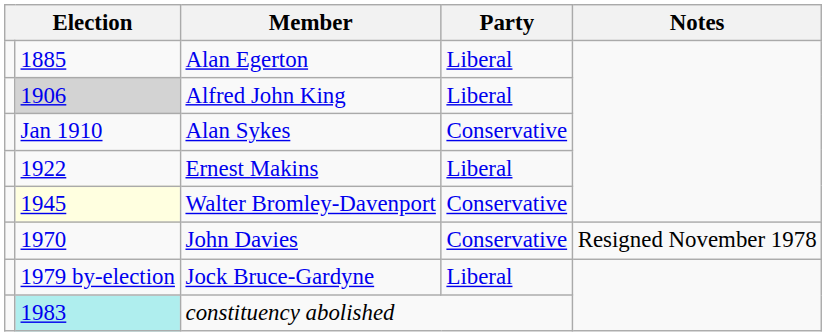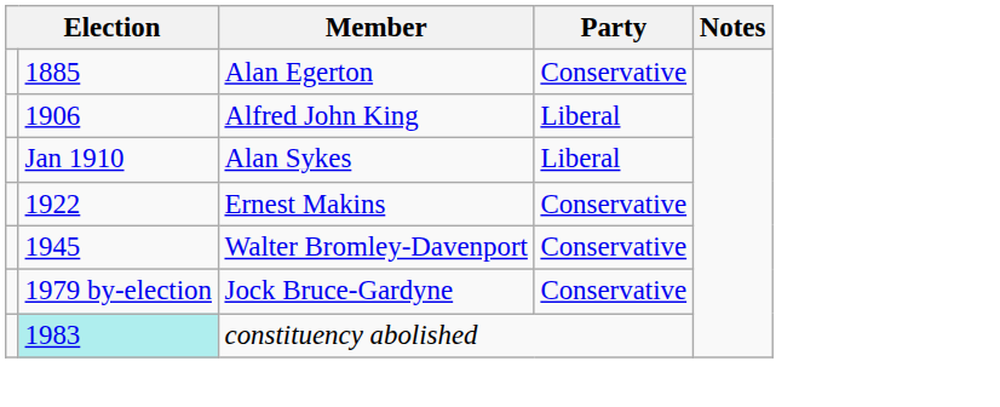 <table class="wikitable">
 <tr>
 <th colspan="2">Election</th>
 <th>Member</th>
 <th>Party</th>
 <th>Notes</th>
 </tr>
 <tr>
 <td style="color:inherit;background-color: "></td>
 <td><a href='#'>1885</a></td>
 <td><a href='#'>Alan Egerton</a></td>
-<td><a href='#'>Liberal</a></td>
+<td><a href='#'>Conservative</a></td>
 </tr>
 <tr>
 <td style="color:inherit;background-color: "></td>
-<td style="background: lightgrey;"><a href='#'>1906</a></td>
+<td><a href='#'>1906</a></td>
 <td><a href='#'>Alfred John King</a></td>
 <td><a href='#'>Liberal</a></td>
 </tr>
 <tr>
 <td style="color:inherit;background-color: "></td>
 <td><a href='#'>Jan 1910</a></td>
 <td><a href='#'>Alan Sykes</a></td>
-<td><a href='#'>Conservative</a></td>
+<td><a href='#'>Liberal</a></td>
 </tr>
 <tr>
 <td style="color:inherit;background-color: "></td>
 <td><a href='#'>1922</a></td>
 <td><a href='#'>Ernest Makins</a></td>
-<td><a href='#'>Liberal</a></td>
+<td><a href='#'>Conservative</a></td>
 </tr>
 <tr>
 <td style="color:inherit;background-color: "></td>
-<td style="background: lightyellow;"><a href='#'>1945</a></td>
+<td><a href='#'>1945</a></td>
 <td><a href='#'>Walter Bromley-Davenport</a></td>
 <td><a href='#'>Conservative</a></td>
 </tr>
 <tr>
 <td style="color:inherit;background-color: "></td>
-<td><a href='#'>1970</a></td>
-<td><a href='#'>John Davies</a></td>
-<td><a href='#'>Conservative</a></td>
-<td>Resigned November 1978</td>
-</tr>
-<tr>
-<td style="color:inherit;background-color: "></td>
 <td><a href='#'>1979 by-election</a></td>
 <td><a href='#'>Jock Bruce-Gardyne</a></td>
-<td><a href='#'>Liberal</a></td>
+<td><a href='#'>Conservative</a></td>
 </tr>
 <tr>
 <td></td>
 <td style="background: paleturquoise;"><a href='#'>1983</a></td>
 <td colspan="2"><em>constituency abolished</em></td>
 </tr>
 </table>
